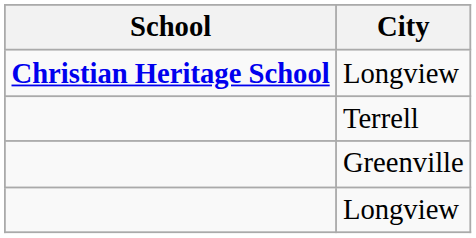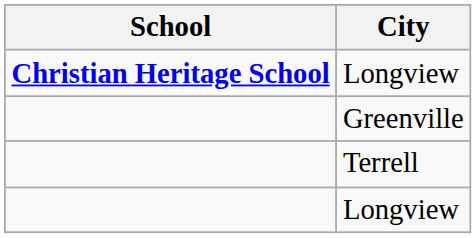 <table class="wikitable">
 <tr>
 <th>School</th>
 <th>City</th>
 </tr>
 <tr>
 <td><strong><a href='#'>Christian Heritage School</a></strong></td>
 <td>Longview</td>
 </tr>
 <tr>
 <td></td>
-<td>Terrell</td>
+<td>Greenville</td>
 </tr>
 <tr>
 <td></td>
-<td>Greenville</td>
+<td>Terrell</td>
 </tr>
 <tr>
 <td></td>
 <td>Longview</td>
 </tr>
 </table>
